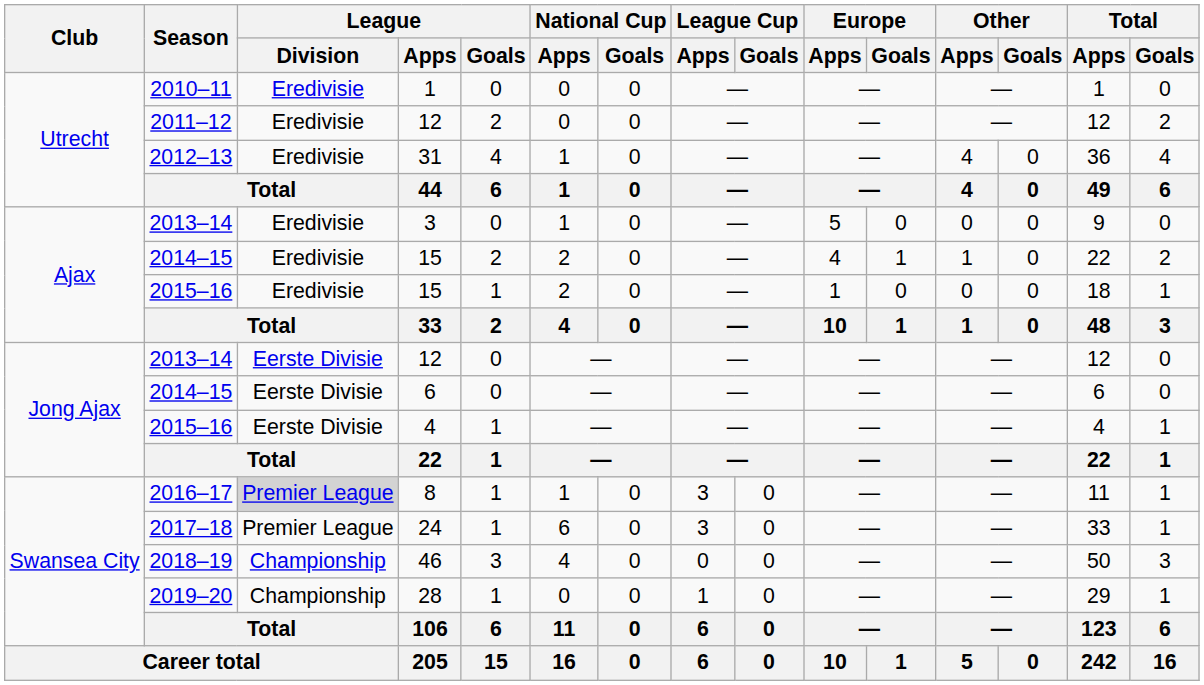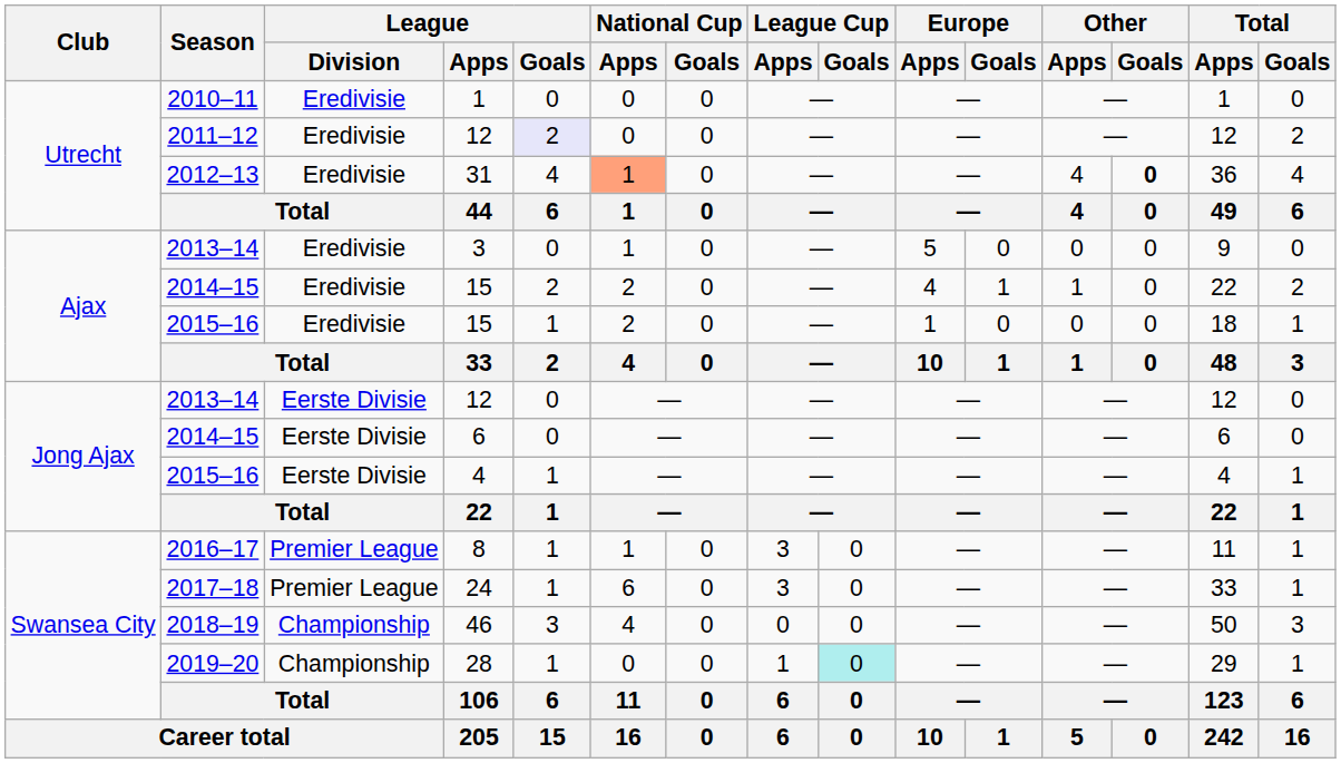 <table class=wikitable style="text-align: center">
 <tr>
 <th rowspan=2>Club</th>
 <th rowspan=2>Season</th>
 <th colspan=3>League</th>
 <th colspan=2>National Cup</th>
 <th colspan=2>League Cup</th>
 <th colspan=2>Europe</th>
 <th colspan=2>Other</th>
 <th colspan=2>Total</th>
 </tr>
 <tr>
 <th>Division</th>
 <th>Apps</th>
 <th>Goals</th>
 <th>Apps</th>
 <th>Goals</th>
 <th>Apps</th>
 <th>Goals</th>
 <th>Apps</th>
 <th>Goals</th>
 <th>Apps</th>
 <th>Goals</th>
 <th>Apps</th>
 <th>Goals</th>
 </tr>
 <tr>
 <td rowspan=4><a href='#'>Utrecht</a></td>
 <td><a href='#'>2010–11</a></td>
 <td><a href='#'>Eredivisie</a></td>
 <td>1</td>
 <td>0</td>
 <td>0</td>
 <td>0</td>
 <td colspan=2>—</td>
 <td colspan=2>—</td>
 <td colspan=2>—</td>
 <td>1</td>
 <td>0</td>
 </tr>
 <tr>
 <td><a href='#'>2011–12</a></td>
 <td>Eredivisie</td>
 <td>12</td>
-<td>2</td>
+<td style="background: lavender;">2</td>
 <td>0</td>
 <td>0</td>
 <td colspan=2>—</td>
 <td colspan=2>—</td>
 <td colspan=2>—</td>
 <td>12</td>
 <td>2</td>
 </tr>
 <tr>
 <td><a href='#'>2012–13</a></td>
 <td>Eredivisie</td>
 <td>31</td>
 <td>4</td>
-<td>1</td>
+<td style="background: lightsalmon;">1</td>
 <td>0</td>
 <td colspan=2>—</td>
 <td colspan=2>—</td>
 <td>4</td>
-<td>0</td>
+<td><strong>0</strong></td>
 <td>36</td>
 <td>4</td>
 </tr>
 <tr>
 <th colspan=2>Total</th>
 <th>44</th>
 <th>6</th>
 <th>1</th>
 <th>0</th>
 <th colspan=2>—</th>
 <th colspan=2>—</th>
 <th>4</th>
 <th>0</th>
 <th>49</th>
 <th>6</th>
 </tr>
 <tr>
 <td rowspan=4><a href='#'>Ajax</a></td>
 <td><a href='#'>2013–14</a></td>
 <td>Eredivisie</td>
 <td>3</td>
 <td>0</td>
 <td>1</td>
 <td>0</td>
 <td colspan=2>—</td>
 <td>5</td>
 <td>0</td>
 <td>0</td>
 <td>0</td>
 <td>9</td>
 <td>0</td>
 </tr>
 <tr>
 <td><a href='#'>2014–15</a></td>
 <td>Eredivisie</td>
 <td>15</td>
 <td>2</td>
 <td>2</td>
 <td>0</td>
 <td colspan=2>—</td>
 <td>4</td>
 <td>1</td>
 <td>1</td>
 <td>0</td>
 <td>22</td>
 <td>2</td>
 </tr>
 <tr>
 <td><a href='#'>2015–16</a></td>
 <td>Eredivisie</td>
 <td>15</td>
 <td>1</td>
 <td>2</td>
 <td>0</td>
 <td colspan=2>—</td>
 <td>1</td>
 <td>0</td>
 <td>0</td>
 <td>0</td>
 <td>18</td>
 <td>1</td>
 </tr>
 <tr>
 <th colspan=2>Total</th>
 <th>33</th>
 <th>2</th>
 <th>4</th>
 <th>0</th>
 <th colspan=2>—</th>
 <th>10</th>
 <th>1</th>
 <th>1</th>
 <th>0</th>
 <th>48</th>
 <th>3</th>
 </tr>
 <tr>
 <td rowspan=4><a href='#'>Jong Ajax</a></td>
 <td><a href='#'>2013–14</a></td>
 <td><a href='#'>Eerste Divisie</a></td>
 <td>12</td>
 <td>0</td>
 <td colspan=2>—</td>
 <td colspan=2>—</td>
 <td colspan=2>—</td>
 <td colspan=2>—</td>
 <td>12</td>
 <td>0</td>
 </tr>
 <tr>
 <td><a href='#'>2014–15</a></td>
 <td>Eerste Divisie</td>
 <td>6</td>
 <td>0</td>
 <td colspan=2>—</td>
 <td colspan=2>—</td>
 <td colspan=2>—</td>
 <td colspan=2>—</td>
 <td>6</td>
 <td>0</td>
 </tr>
 <tr>
 <td><a href='#'>2015–16</a></td>
 <td>Eerste Divisie</td>
 <td>4</td>
 <td>1</td>
 <td colspan=2>—</td>
 <td colspan=2>—</td>
 <td colspan=2>—</td>
 <td colspan=2>—</td>
 <td>4</td>
 <td>1</td>
 </tr>
 <tr>
 <th colspan=2>Total</th>
 <th>22</th>
 <th>1</th>
 <th colspan=2>—</th>
 <th colspan=2>—</th>
 <th colspan=2>—</th>
 <th colspan=2>—</th>
 <th>22</th>
 <th>1</th>
 </tr>
 <tr>
 <td rowspan=5><a href='#'>Swansea City</a></td>
 <td><a href='#'>2016–17</a></td>
-<td style="background: lightgrey;"><a href='#'>Premier League</a></td>
+<td><a href='#'>Premier League</a></td>
 <td>8</td>
 <td>1</td>
 <td>1</td>
 <td>0</td>
 <td>3</td>
 <td>0</td>
 <td colspan=2>—</td>
 <td colspan=2>—</td>
 <td>11</td>
 <td>1</td>
 </tr>
 <tr>
 <td><a href='#'>2017–18</a></td>
 <td>Premier League</td>
 <td>24</td>
 <td>1</td>
 <td>6</td>
 <td>0</td>
 <td>3</td>
 <td>0</td>
 <td colspan=2>—</td>
 <td colspan=2>—</td>
 <td>33</td>
 <td>1</td>
 </tr>
 <tr>
 <td><a href='#'>2018–19</a></td>
 <td><a href='#'>Championship</a></td>
 <td>46</td>
 <td>3</td>
 <td>4</td>
 <td>0</td>
 <td>0</td>
 <td>0</td>
 <td colspan=2>—</td>
 <td colspan=2>—</td>
 <td>50</td>
 <td>3</td>
 </tr>
 <tr>
 <td><a href='#'>2019–20</a></td>
 <td>Championship</td>
 <td>28</td>
 <td>1</td>
 <td>0</td>
 <td>0</td>
 <td>1</td>
-<td>0</td>
+<td style="background: paleturquoise;">0</td>
 <td colspan=2>—</td>
 <td colspan=2>—</td>
 <td>29</td>
 <td>1</td>
 </tr>
 <tr>
 <th colspan=2>Total</th>
 <th>106</th>
 <th>6</th>
 <th>11</th>
 <th>0</th>
 <th>6</th>
 <th>0</th>
 <th colspan=2>—</th>
 <th colspan=2>—</th>
 <th>123</th>
 <th>6</th>
 </tr>
 <tr>
 <th colspan=3>Career total</th>
 <th>205</th>
 <th>15</th>
 <th>16</th>
 <th>0</th>
 <th>6</th>
 <th>0</th>
 <th>10</th>
 <th>1</th>
 <th>5</th>
 <th>0</th>
 <th>242</th>
 <th>16</th>
 </tr>
 </table>
